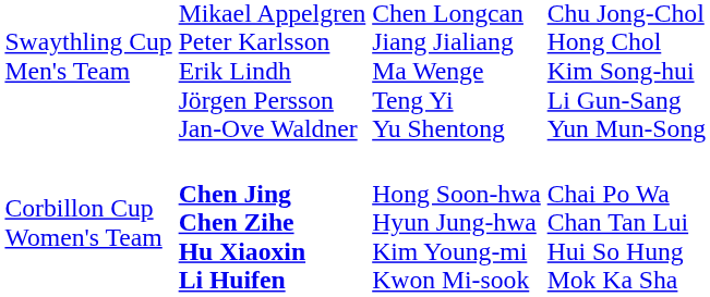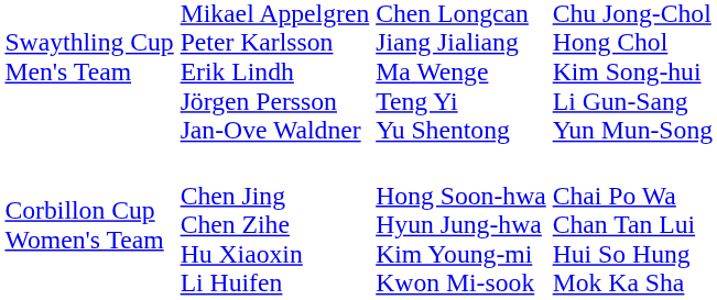 <table>
 <tr>
 <td><a href='#'>Swaythling Cup<br>Men's Team</a></td>
 <td><br><a href='#'>Mikael Appelgren</a><br><a href='#'>Peter Karlsson</a><br><a href='#'>Erik Lindh</a><br><a href='#'>Jörgen Persson</a><br><a href='#'>Jan-Ove Waldner</a></td>
 <td><br><a href='#'>Chen Longcan</a><br><a href='#'>Jiang Jialiang</a><br><a href='#'>Ma Wenge</a><br><a href='#'>Teng Yi</a><br><a href='#'>Yu Shentong</a></td>
 <td><br><a href='#'>Chu Jong-Chol</a><br><a href='#'>Hong Chol</a><br><a href='#'>Kim Song-hui</a><br><a href='#'>Li Gun-Sang</a><br><a href='#'>Yun Mun-Song</a></td>
 </tr>
 <tr>
 <td><a href='#'>Corbillon Cup<br>Women's Team</a></td>
-<td><strong><br><a href='#'>Chen Jing</a><br><a href='#'>Chen Zihe</a><br><a href='#'>Hu Xiaoxin</a><br><a href='#'>Li Huifen</a></strong></td>
+<td><br><a href='#'>Chen Jing</a><br><a href='#'>Chen Zihe</a><br><a href='#'>Hu Xiaoxin</a><br><a href='#'>Li Huifen</a></td>
 <td><br><a href='#'>Hong Soon-hwa</a><br><a href='#'>Hyun Jung-hwa</a><br><a href='#'>Kim Young-mi</a><br><a href='#'>Kwon Mi-sook</a></td>
 <td><br><a href='#'>Chai Po Wa</a><br><a href='#'>Chan Tan Lui</a><br><a href='#'>Hui So Hung</a><br><a href='#'>Mok Ka Sha</a></td>
 </tr>
 </table>
